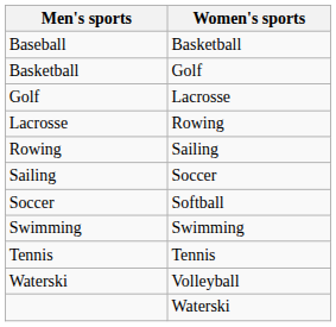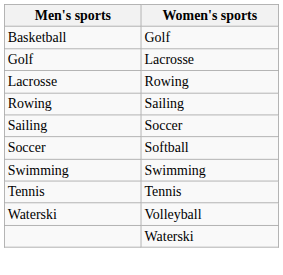 <table class="wikitable"; style= "text-align: ">
 <tr>
 <th width=150px>Men's sports</th>
 <th width=150px>Women's sports</th>
-</tr>
-<tr>
-<td>Baseball</td>
-<td>Basketball</td>
 </tr>
 <tr>
 <td>Basketball</td>
 <td>Golf</td>
 </tr>
 <tr>
 <td>Golf</td>
 <td>Lacrosse</td>
 </tr>
 <tr>
 <td>Lacrosse</td>
 <td>Rowing</td>
 </tr>
 <tr>
 <td>Rowing</td>
 <td>Sailing</td>
 </tr>
 <tr>
 <td>Sailing</td>
 <td>Soccer</td>
 </tr>
 <tr>
 <td>Soccer</td>
 <td>Softball</td>
 </tr>
 <tr>
 <td>Swimming</td>
 <td>Swimming</td>
 </tr>
 <tr>
 <td>Tennis</td>
 <td>Tennis</td>
 </tr>
 <tr>
 <td>Waterski</td>
 <td>Volleyball</td>
 </tr>
 <tr>
 <td></td>
 <td>Waterski</td>
 </tr>
 </table>
